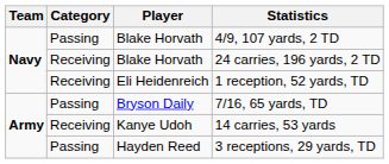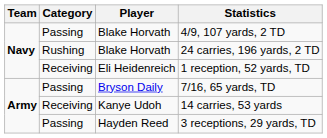 <table class="wikitable" style="float: right;">
 <tr>
 <th>Team</th>
 <th>Category</th>
 <th>Player</th>
 <th>Statistics</th>
 </tr>
 <tr>
 <td rowspan=3><strong>Navy</strong></td>
 <td>Passing</td>
 <td>Blake Horvath</td>
 <td>4/9, 107 yards, 2 TD</td>
 </tr>
 <tr>
-<td>Receiving</td>
+<td>Rushing</td>
 <td>Blake Horvath</td>
 <td>24 carries, 196 yards, 2 TD</td>
 </tr>
 <tr>
 <td>Receiving</td>
 <td>Eli Heidenreich</td>
 <td>1 reception, 52 yards, TD</td>
 </tr>
 <tr>
 <td rowspan=3><strong>Army</strong></td>
 <td>Passing</td>
 <td><a href='#'>Bryson Daily</a></td>
 <td>7/16, 65 yards, TD</td>
 </tr>
 <tr>
 <td>Receiving</td>
 <td>Kanye Udoh</td>
 <td>14 carries, 53 yards</td>
 </tr>
 <tr>
 <td>Passing</td>
 <td>Hayden Reed</td>
 <td>3 receptions, 29 yards, TD</td>
 </tr>
 </table>
